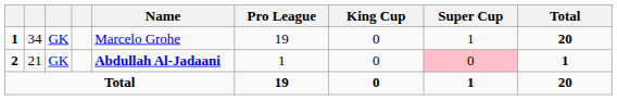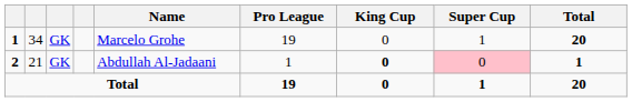 <table class="wikitable" style="text-align:center">
 <tr>
 <th width=15></th>
 <th width=15></th>
 <th width=15></th>
 <th width=15></th>
 <th width=155>Name</th>
 <th width=100>Pro League</th>
 <th width=100>King Cup</th>
 <th width=100>Super Cup</th>
 <th width=100>Total</th>
 </tr>
 <tr>
 <td><strong>1</strong></td>
 <td>34</td>
 <td><a href='#'>GK</a></td>
 <td></td>
 <td align=left><a href='#'>Marcelo Grohe</a></td>
 <td>19</td>
 <td>0</td>
 <td>1</td>
 <td><strong>20</strong></td>
 </tr>
 <tr>
 <td><strong>2</strong></td>
 <td>21</td>
 <td><a href='#'>GK</a></td>
 <td></td>
-<td align=left><strong><a href='#'>Abdullah Al-Jadaani</a></strong></td>
+<td align=left><a href='#'>Abdullah Al-Jadaani</a></td>
 <td>1</td>
-<td>0</td>
+<td><strong>0</strong></td>
 <td style="background: pink;">0</td>
 <td><strong>1</strong></td>
 </tr>
 <tr>
 <td colspan=5><strong>Total</strong></td>
 <td><strong>19</strong></td>
 <td><strong>0</strong></td>
 <td><strong>1</strong></td>
 <td><strong>20</strong></td>
 </tr>
 </table>
